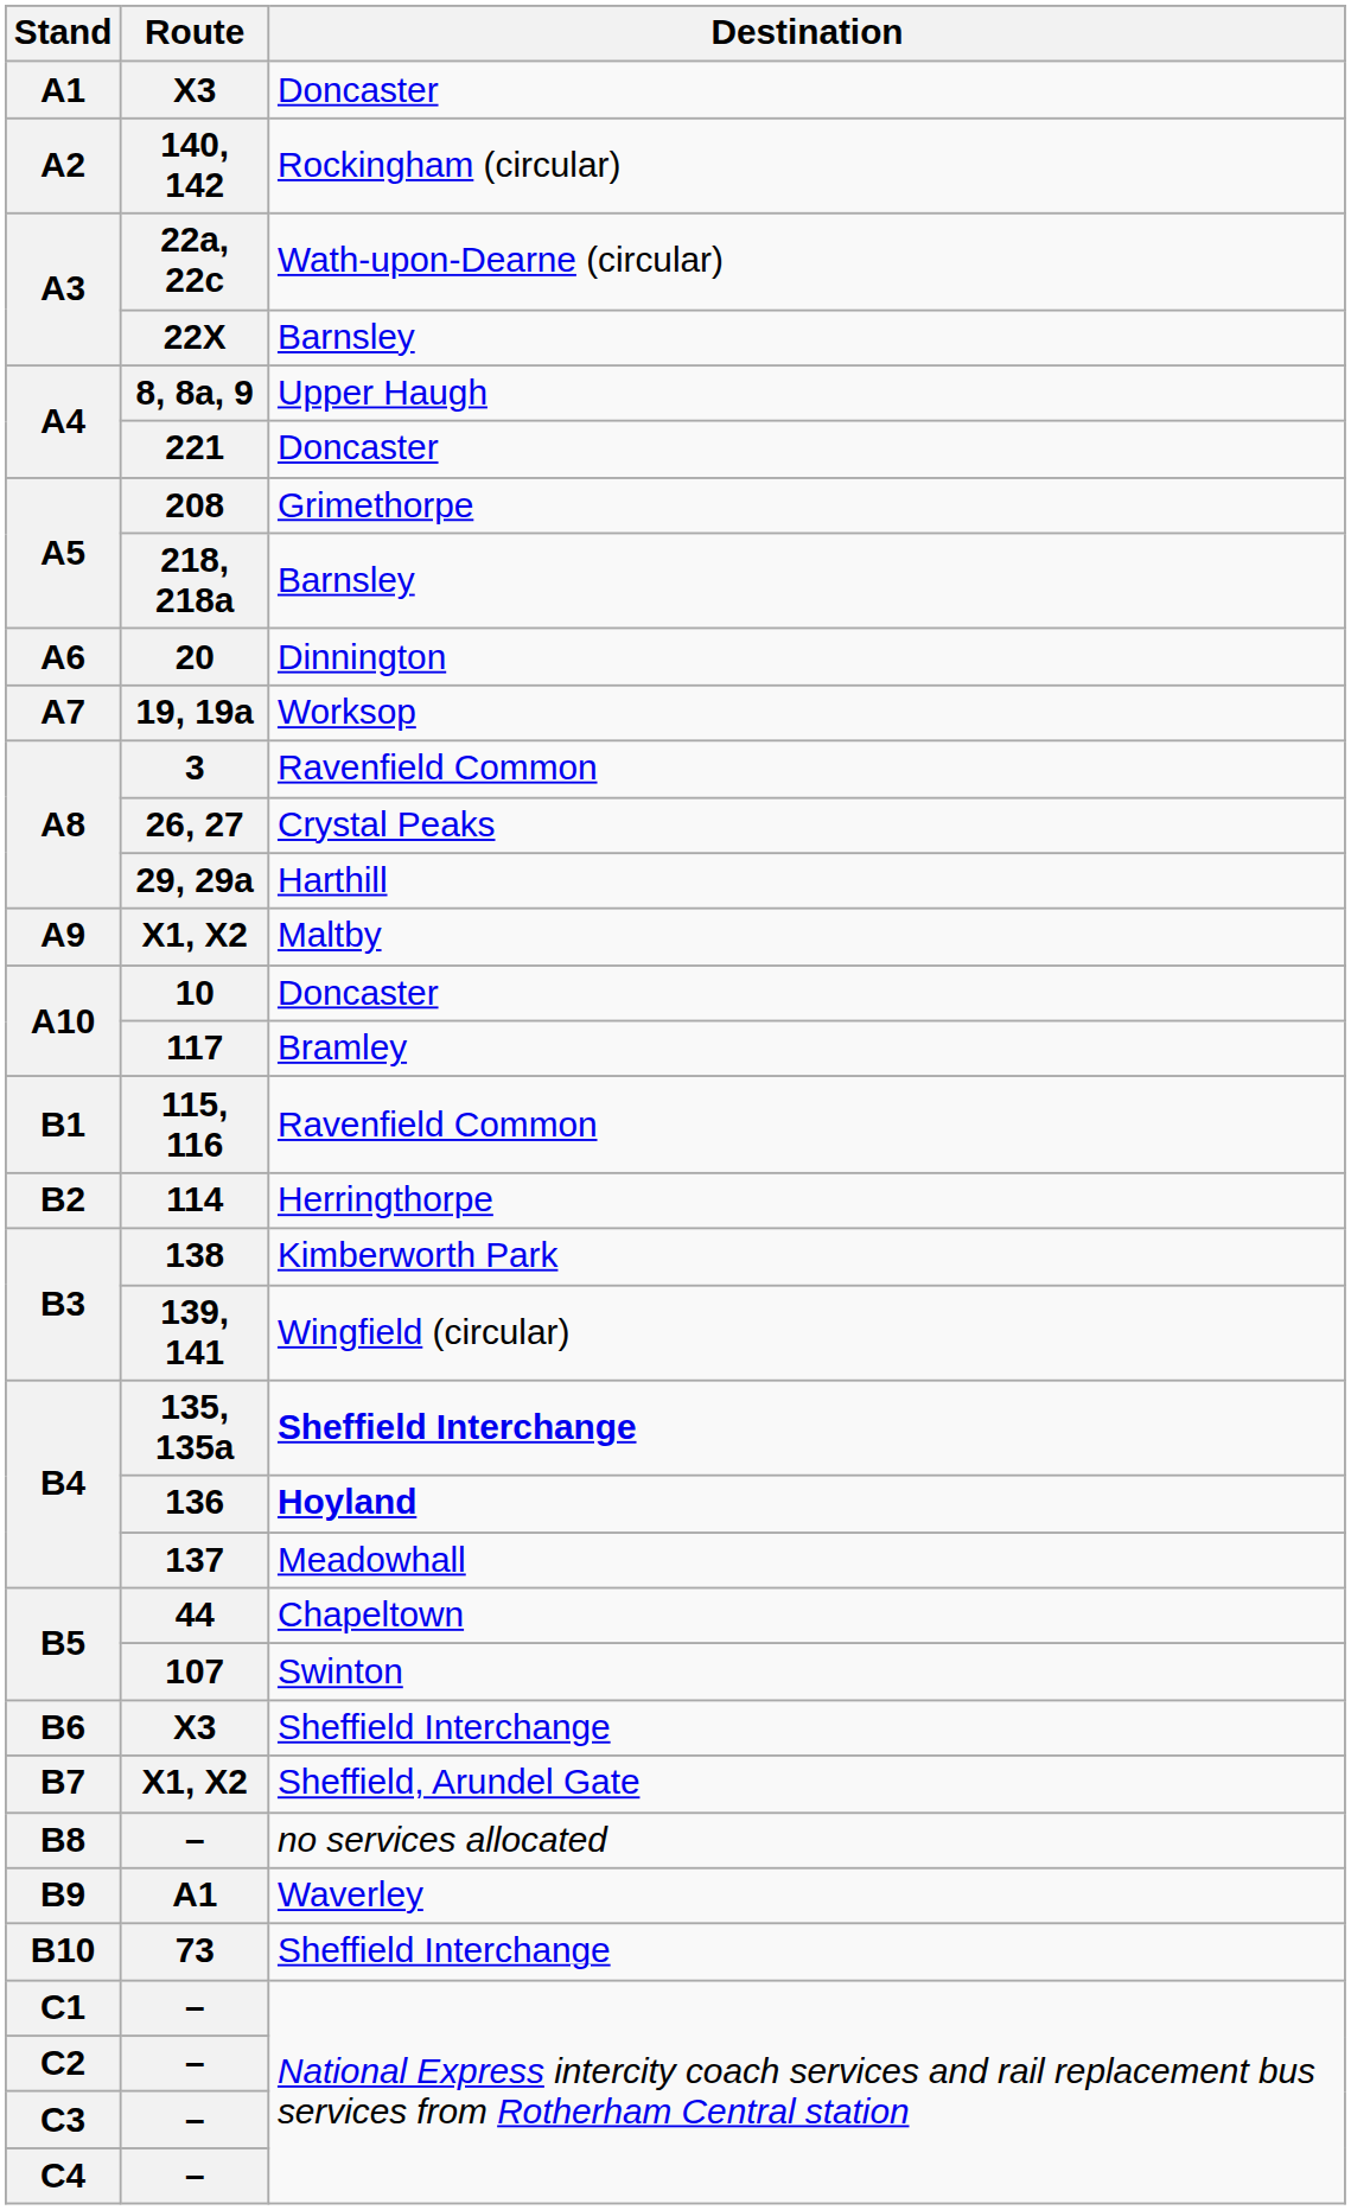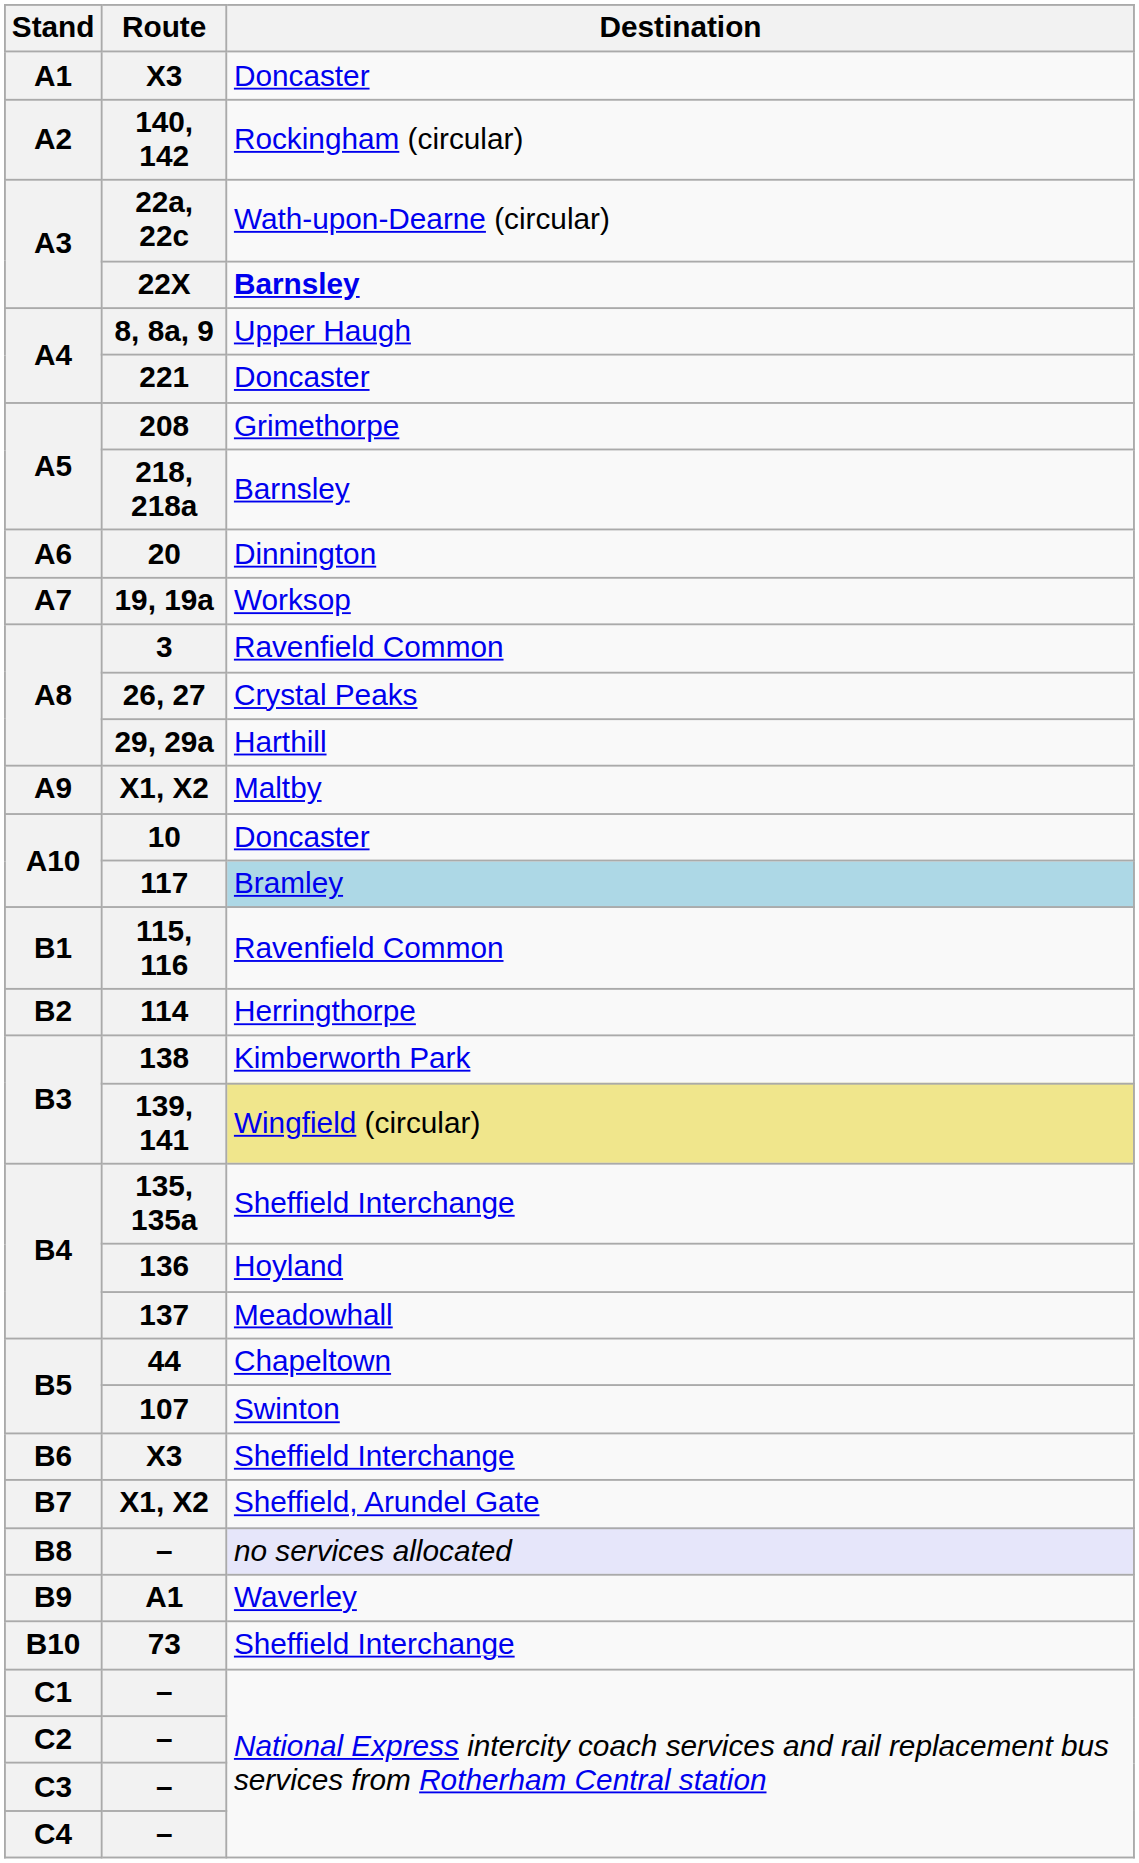 <table class="wikitable">
 <tr>
 <th><strong>Stand</strong></th>
 <th><strong>Route</strong></th>
 <th><strong>Destination</strong></th>
 </tr>
 <tr>
 <th>A1</th>
 <th>X3</th>
 <td><a href='#'>Doncaster</a>    </td>
 </tr>
 <tr>
 <th>A2</th>
 <th>140, 142</th>
 <td><a href='#'>Rockingham</a> (circular)  </td>
 </tr>
 <tr>
 <th rowspan="2">A3</th>
 <th>22a, 22c</th>
 <td><a href='#'>Wath-upon-Dearne</a>  (circular)  </td>
 </tr>
 <tr>
 <th>22X</th>
-<td><a href='#'>Barnsley</a>    </td>
+<td><strong><a href='#'>Barnsley</a>    </strong></td>
 </tr>
 <tr>
 <th rowspan="2">A4</th>
 <th>8, 8a, 9</th>
 <td><a href='#'>Upper Haugh</a>  </td>
 </tr>
 <tr>
 <th>221</th>
 <td><a href='#'>Doncaster</a>    </td>
 </tr>
 <tr>
 <th rowspan="2">A5</th>
 <th>208</th>
 <td><a href='#'>Grimethorpe</a>  </td>
 </tr>
 <tr>
 <th>218, 218a</th>
 <td><a href='#'>Barnsley</a>    </td>
 </tr>
 <tr>
 <th>A6</th>
 <th>20</th>
 <td><a href='#'>Dinnington</a>   </td>
 </tr>
 <tr>
 <th>A7</th>
 <th>19, 19a</th>
 <td><a href='#'>Worksop</a>   </td>
 </tr>
 <tr>
 <th rowspan="3">A8</th>
 <th>3</th>
 <td><a href='#'>Ravenfield Common</a>  </td>
 </tr>
 <tr>
 <th>26, 27</th>
 <td><a href='#'>Crystal Peaks</a>    </td>
 </tr>
 <tr>
 <th>29, 29a</th>
 <td><a href='#'>Harthill</a>  </td>
 </tr>
 <tr>
 <th>A9</th>
 <th>X1, X2</th>
 <td><a href='#'>Maltby</a>  </td>
 </tr>
 <tr>
 <th rowspan="2">A10</th>
 <th>10</th>
 <td><a href='#'>Doncaster</a>    </td>
 </tr>
 <tr>
 <th>117</th>
-<td><a href='#'>Bramley</a>  </td>
+<td style="background: lightblue;"><a href='#'>Bramley</a>  </td>
 </tr>
 <tr>
 <th>B1</th>
 <th>115, 116</th>
 <td><a href='#'>Ravenfield Common</a>  </td>
 </tr>
 <tr>
 <th>B2</th>
 <th>114</th>
 <td><a href='#'>Herringthorpe</a>  </td>
 </tr>
 <tr>
 <th rowspan="2">B3</th>
 <th>138</th>
 <td><a href='#'>Kimberworth Park</a>  </td>
 </tr>
 <tr>
 <th>139, 141</th>
-<td><a href='#'>Wingfield</a> (circular)  </td>
+<td style="background: khaki;"><a href='#'>Wingfield</a> (circular)  </td>
 </tr>
 <tr>
 <th rowspan="3">B4</th>
 <th>135, 135a</th>
-<td><strong><a href='#'>Sheffield Interchange</a>     </strong></td>
+<td><a href='#'>Sheffield Interchange</a>     </td>
 </tr>
 <tr>
 <th>136</th>
-<td><strong><a href='#'>Hoyland</a>  </strong></td>
+<td><a href='#'>Hoyland</a>  </td>
 </tr>
 <tr>
 <th>137</th>
 <td><a href='#'>Meadowhall</a>     </td>
 </tr>
 <tr>
 <th rowspan="2">B5</th>
 <th>44</th>
 <td><a href='#'>Chapeltown</a>   </td>
 </tr>
 <tr>
 <th>107</th>
 <td><a href='#'>Swinton</a>   </td>
 </tr>
 <tr>
 <th>B6</th>
 <th>X3</th>
 <td><a href='#'>Sheffield Interchange</a>     </td>
 </tr>
 <tr>
 <th>B7</th>
 <th>X1, X2</th>
 <td><a href='#'>Sheffield, Arundel Gate</a>    </td>
 </tr>
 <tr>
 <th>B8</th>
 <th>–</th>
-<td><em>no services allocated</em></td>
+<td style="background: lavender;"><em>no services allocated</em></td>
 </tr>
 <tr>
 <th>B9</th>
 <th>A1</th>
 <td><a href='#'>Waverley</a>  </td>
 </tr>
 <tr>
 <th>B10</th>
 <th>73</th>
 <td><a href='#'>Sheffield Interchange</a>     </td>
 </tr>
 <tr>
 <th>C1</th>
 <th>–</th>
 <td rowspan="4"><em><a href='#'>National Express</a> intercity coach services and rail replacement bus services from <a href='#'>Rotherham Central station</a>  </em></td>
 </tr>
 <tr>
 <th>C2</th>
 <th>–</th>
 </tr>
 <tr>
 <th>C3</th>
 <th>–</th>
 </tr>
 <tr>
 <th>C4</th>
 <th>–</th>
 </tr>
 </table>
